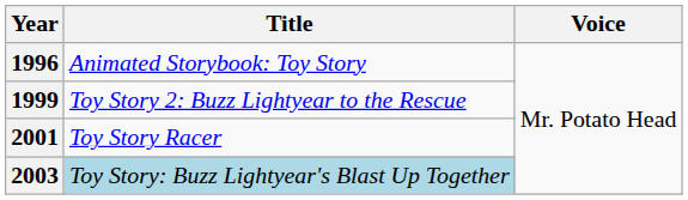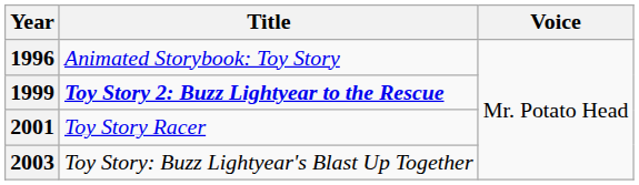 <table class=wikitable unsortable>
 <tr>
 <th>Year</th>
 <th>Title</th>
 <th>Voice</th>
 </tr>
 <tr>
 <th>1996</th>
 <td><em><a href='#'>Animated Storybook: Toy Story</a></em></td>
 <td rowspan=4>Mr. Potato Head</td>
 </tr>
 <tr>
 <th>1999</th>
-<td><em><a href='#'>Toy Story 2: Buzz Lightyear to the Rescue</a></em></td>
+<td><strong><em><a href='#'>Toy Story 2: Buzz Lightyear to the Rescue</a></em></strong></td>
 </tr>
 <tr>
 <th>2001</th>
 <td><em><a href='#'>Toy Story Racer</a></em></td>
 </tr>
 <tr>
 <th>2003</th>
-<td style="background: lightblue;"><em>Toy Story: Buzz Lightyear's Blast Up Together</em></td>
+<td><em>Toy Story: Buzz Lightyear's Blast Up Together</em></td>
 </tr>
 </table>
